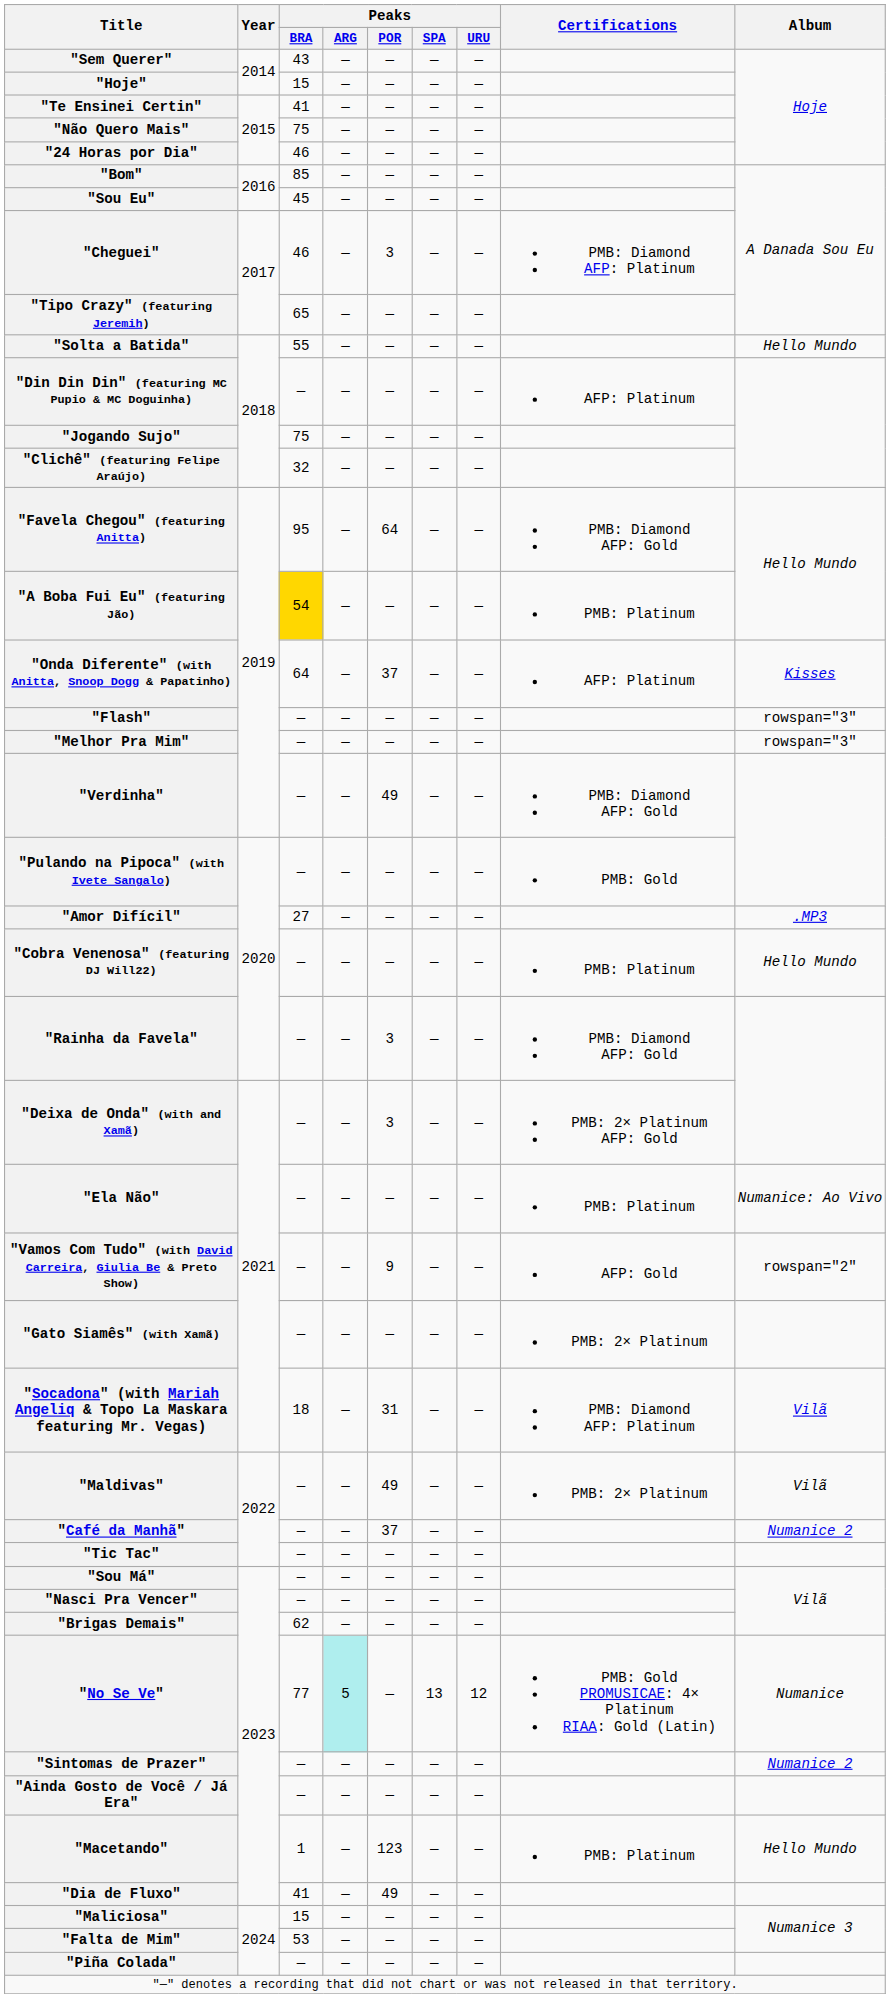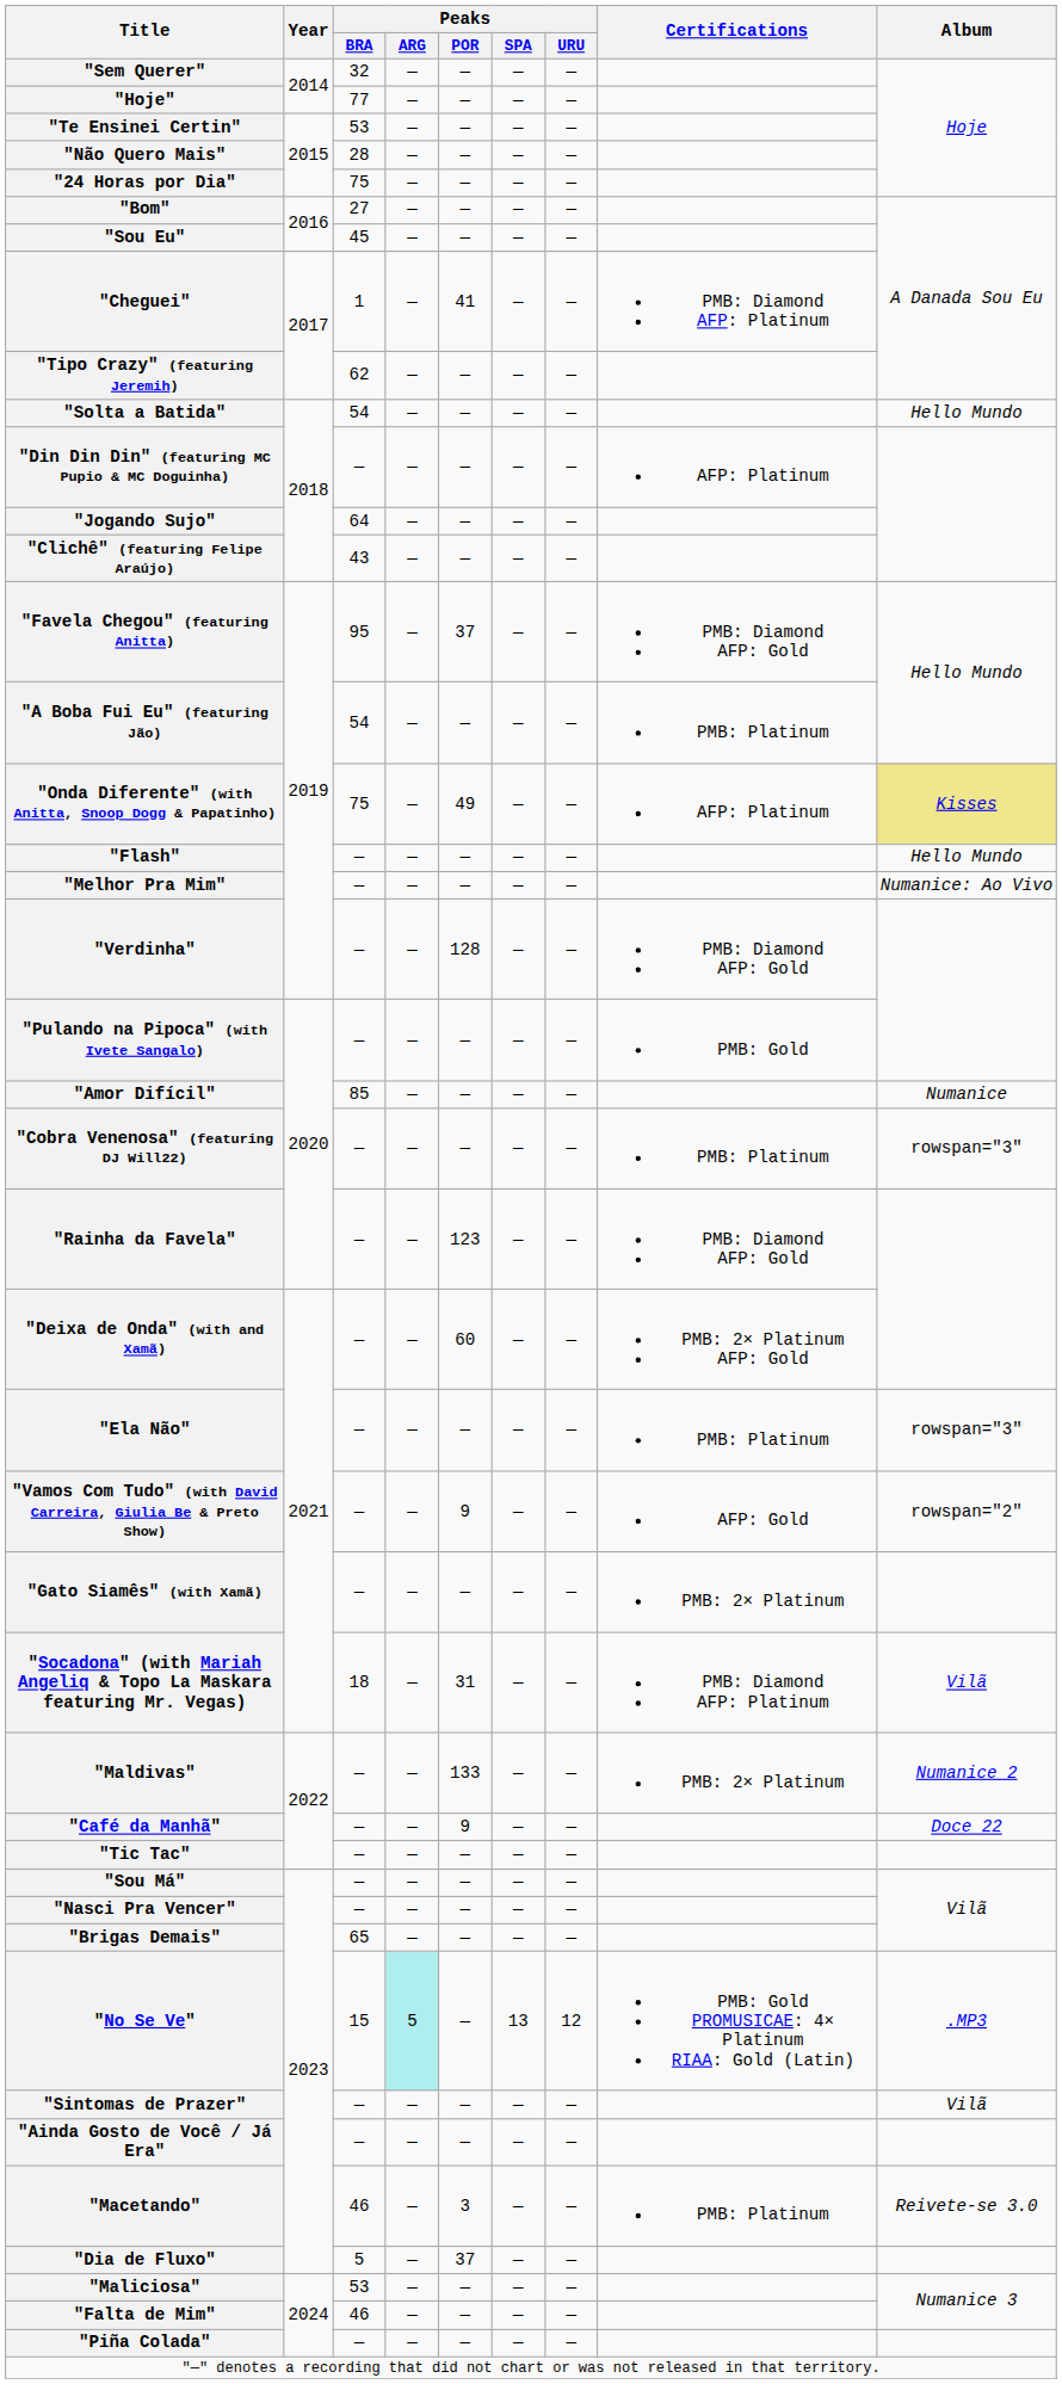 <table class="wikitable plainrowheaders" style="text-align:center;">
 <tr>
 <th scope="col" rowspan="2" style="width:16em;">Title</th>
 <th scope="col" rowspan="2">Year</th>
 <th scope="col" colspan="5">Peaks</th>
 <th scope="col" rowspan="2" style="width:16em;"><a href='#'>Certifications</a></th>
 <th scope="col" rowspan="2">Album</th>
 </tr>
 <tr>
 <th scope="col" style="width:3em;font-size:90%;"><a href='#'>BRA</a><br></th>
 <th scope="col" style="width:3em;font-size:90%;"><a href='#'>ARG</a><br></th>
 <th scope="col" style="width:3em;font-size:90%;"><a href='#'>POR</a><br></th>
 <th scope="col" style="width:3em;font-size:90%;"><a href='#'>SPA</a><br></th>
 <th scope="col" style="width:3em;font-size:90%;"><a href='#'>URU</a><br></th>
 </tr>
 <tr>
 <th scope="row">"Sem Querer"</th>
 <td rowspan="2">2014</td>
-<td>43</td>
+<td>32</td>
 <td>—</td>
 <td>—</td>
 <td>—</td>
 <td>—</td>
 <td></td>
 <td align="center" rowspan="5"><em><a href='#'>Hoje</a></em></td>
 </tr>
 <tr>
 <th scope="row">"Hoje"</th>
-<td>15</td>
+<td>77</td>
 <td>—</td>
 <td>—</td>
 <td>—</td>
 <td>—</td>
 <td></td>
 </tr>
 <tr>
 <th scope="row">"Te Ensinei Certin"</th>
 <td rowspan="3">2015</td>
-<td>41</td>
+<td>53</td>
 <td>—</td>
 <td>—</td>
 <td>—</td>
 <td>—</td>
 <td></td>
 </tr>
 <tr>
 <th scope="row">"Não Quero Mais"</th>
-<td>75</td>
+<td>28</td>
 <td>—</td>
 <td>—</td>
 <td>—</td>
 <td>—</td>
 <td></td>
 </tr>
 <tr>
 <th scope="row">"24 Horas por Dia"</th>
-<td>46</td>
+<td>75</td>
 <td>—</td>
 <td>—</td>
 <td>—</td>
 <td>—</td>
 <td></td>
 </tr>
 <tr>
 <th scope="row">"Bom"</th>
 <td rowspan="2">2016</td>
-<td>85</td>
+<td>27</td>
 <td>—</td>
 <td>—</td>
 <td>—</td>
 <td>—</td>
 <td></td>
 <td align="center" rowspan="4"><em>A Danada Sou Eu</em></td>
 </tr>
 <tr>
 <th scope="row">"Sou Eu"</th>
 <td>45</td>
 <td>—</td>
 <td>—</td>
 <td>—</td>
 <td>—</td>
 <td></td>
 </tr>
 <tr>
 <th scope="row">"Cheguei"</th>
 <td rowspan="2">2017</td>
-<td>46</td>
+<td>1</td>
 <td>—</td>
-<td>3</td>
+<td>41</td>
 <td>—</td>
 <td>—</td>
 <td><br><ul><li>PMB: Diamond</li><li><a href='#'>AFP</a>: Platinum</li></ul></td>
 </tr>
 <tr>
 <th scope="row">"Tipo Crazy" <small>(featuring <a href='#'>Jeremih</a>)</small></th>
-<td>65</td>
+<td>62</td>
 <td>—</td>
 <td>—</td>
 <td>—</td>
 <td>—</td>
 <td></td>
 </tr>
 <tr>
 <th scope="row">"Solta a Batida"</th>
 <td rowspan="4">2018</td>
-<td>55</td>
+<td>54</td>
 <td>—</td>
 <td>—</td>
 <td>—</td>
 <td>—</td>
 <td></td>
 <td align="center"><em>Hello Mundo</em></td>
 </tr>
 <tr>
 <th scope="row">"Din Din Din" <small>(featuring MC Pupio & MC Doguinha)</small></th>
 <td>—</td>
 <td>—</td>
 <td>—</td>
 <td>—</td>
 <td>—</td>
 <td><br><ul><li>AFP: Platinum</li></ul></td>
 </tr>
 <tr>
 <th scope="row">"Jogando Sujo"</th>
-<td>75</td>
+<td>64</td>
 <td>—</td>
 <td>—</td>
 <td>—</td>
 <td>—</td>
 <td></td>
 </tr>
 <tr>
 <th scope="row">"Clichê" <small>(featuring Felipe Araújo)</small></th>
-<td>32</td>
+<td>43</td>
 <td>—</td>
 <td>—</td>
 <td>—</td>
 <td>—</td>
 <td></td>
 </tr>
 <tr>
 <th scope="row">"Favela Chegou" <small>(featuring <a href='#'>Anitta</a>)</small></th>
 <td rowspan="6">2019</td>
 <td>95</td>
 <td>—</td>
-<td>64</td>
+<td>37</td>
 <td>—</td>
 <td>—</td>
 <td><br><ul><li>PMB: Diamond</li><li>AFP: Gold</li></ul></td>
 <td align="center" rowspan="2"><em>Hello Mundo</em></td>
 </tr>
 <tr>
 <th scope="row">"A Boba Fui Eu" <small>(featuring Jão)</small></th>
-<td style="background: gold;">54</td>
+<td>54</td>
 <td>—</td>
 <td>—</td>
 <td>—</td>
 <td>—</td>
 <td><br><ul><li>PMB: Platinum</li></ul></td>
 </tr>
 <tr>
 <th scope="row">"Onda Diferente" <small>(with <a href='#'>Anitta</a>, <a href='#'>Snoop Dogg</a> & Papatinho)</small></th>
-<td>64</td>
+<td>75</td>
 <td>—</td>
-<td>37</td>
+<td>49</td>
 <td>—</td>
 <td>—</td>
 <td><br><ul><li>AFP: Platinum</li></ul></td>
-<td align="center"><em><a href='#'>Kisses</a></em></td>
+<td align="center" style="background: khaki;"><em><a href='#'>Kisses</a></em></td>
 </tr>
 <tr>
 <th scope="row">"Flash"</th>
 <td>—</td>
 <td>—</td>
 <td>—</td>
 <td>—</td>
 <td>—</td>
 <td></td>
-<td>rowspan="3" </td>
+<td align="center"><em>Hello Mundo</em></td>
 </tr>
 <tr>
 <th scope="row">"Melhor Pra Mim"</th>
 <td>—</td>
 <td>—</td>
 <td>—</td>
 <td>—</td>
 <td>—</td>
 <td></td>
-<td>rowspan="3" </td>
+<td align="center"><em>Numanice: Ao Vivo</em></td>
 </tr>
 <tr>
 <th scope="row">"Verdinha"</th>
 <td>—</td>
 <td>—</td>
-<td>49</td>
+<td>128</td>
 <td>—</td>
 <td>—</td>
 <td><br><ul><li>PMB: Diamond</li><li>AFP: Gold</li></ul></td>
 </tr>
 <tr>
 <th scope="row">"Pulando na Pipoca" <small>(with <a href='#'>Ivete Sangalo</a>)</small></th>
 <td rowspan="4">2020</td>
 <td>—</td>
 <td>—</td>
 <td>—</td>
 <td>—</td>
 <td>—</td>
 <td><br><ul><li>PMB: Gold</li></ul></td>
 </tr>
 <tr>
 <th scope="row">"Amor Difícil"</th>
-<td>27</td>
+<td>85</td>
 <td>—</td>
 <td>—</td>
 <td>—</td>
 <td>—</td>
 <td></td>
-<td><em><a href='#'>.MP3</a></em></td>
+<td align="center"><em>Numanice</em></td>
 </tr>
 <tr>
 <th scope="row">"Cobra Venenosa" <small>(featuring DJ Will22)</small></th>
 <td>—</td>
 <td>—</td>
 <td>—</td>
 <td>—</td>
 <td>—</td>
 <td><br><ul><li>PMB: Platinum</li></ul></td>
-<td align="center"><em>Hello Mundo</em></td>
+<td>rowspan="3" </td>
 </tr>
 <tr>
 <th scope="row">"Rainha da Favela"</th>
 <td>—</td>
 <td>—</td>
-<td>3</td>
+<td>123</td>
 <td>—</td>
 <td>—</td>
 <td><br><ul><li>PMB: Diamond</li><li>AFP: Gold</li></ul></td>
 </tr>
 <tr>
 <th scope="row">"Deixa de Onda" <small>(with  and <a href='#'>Xamã</a>)</small></th>
 <td rowspan="5">2021</td>
 <td>—</td>
 <td>—</td>
-<td>3</td>
+<td>60</td>
 <td>—</td>
 <td>—</td>
 <td><br><ul><li>PMB: 2× Platinum</li><li>AFP: Gold</li></ul></td>
 </tr>
 <tr>
 <th scope="row">"Ela Não"</th>
 <td>—</td>
 <td>—</td>
 <td>—</td>
 <td>—</td>
 <td>—</td>
 <td><br><ul><li>PMB: Platinum</li></ul></td>
-<td align="center"><em>Numanice: Ao Vivo</em></td>
+<td>rowspan="3" </td>
 </tr>
 <tr>
 <th scope="row">"Vamos Com Tudo" <small>(with <a href='#'>David Carreira</a>, <a href='#'>Giulia Be</a> & Preto Show)</small></th>
 <td>—</td>
 <td>—</td>
 <td>9</td>
 <td>—</td>
 <td>—</td>
 <td><br><ul><li>AFP: Gold</li></ul></td>
 <td>rowspan="2" </td>
 </tr>
 <tr>
 <th scope="row">"Gato Siamês" <small>(with Xamã)</small></th>
 <td>—</td>
 <td>—</td>
 <td>—</td>
 <td>—</td>
 <td>—</td>
 <td><br><ul><li>PMB: 2× Platinum</li></ul></td>
 </tr>
 <tr>
 <th scope="row">"<a href='#'>Socadona</a>" <span>(with <a href='#'>Mariah Angeliq</a> & Topo La Maskara featuring Mr. Vegas)</span></th>
 <td>18</td>
 <td>—</td>
 <td>31</td>
 <td>—</td>
 <td>—</td>
 <td><br><ul><li>PMB: Diamond</li><li>AFP: Platinum</li></ul></td>
 <td><em><a href='#'>Vilã</a></em></td>
 </tr>
 <tr>
 <th scope="row">"Maldivas"</th>
 <td rowspan="3">2022</td>
 <td>—</td>
 <td>—</td>
-<td>49</td>
+<td>133</td>
 <td>—</td>
 <td>—</td>
 <td><br><ul><li>PMB: 2× Platinum</li></ul></td>
-<td><em>Vilã</em></td>
+<td align="center"><em><a href='#'>Numanice 2</a></em></td>
 </tr>
 <tr>
 <th scope="row">"<a href='#'>Café da Manhã</a>" </th>
 <td>—</td>
 <td>—</td>
-<td>37</td>
+<td>9</td>
 <td>—</td>
 <td>—</td>
 <td></td>
-<td align="center"><em><a href='#'>Numanice 2</a></em></td>
+<td align="center"><em><a href='#'>Doce 22</a></em></td>
 </tr>
 <tr>
 <th scope="row">"Tic Tac" </th>
 <td>—</td>
 <td>—</td>
 <td>—</td>
 <td>—</td>
 <td>—</td>
 <td></td>
 <td></td>
 </tr>
 <tr>
 <th scope="row">"Sou Má" </th>
 <td rowspan="8">2023</td>
 <td>—</td>
 <td>—</td>
 <td>—</td>
 <td>—</td>
 <td>—</td>
 <td></td>
 <td align="center" rowspan="3"><em>Vilã</em></td>
 </tr>
 <tr>
 <th scope="row">"Nasci Pra Vencer" </th>
 <td>—</td>
 <td>—</td>
 <td>—</td>
 <td>—</td>
 <td>—</td>
 <td></td>
 </tr>
 <tr>
 <th scope="row">"Brigas Demais" </th>
-<td>62</td>
+<td>65</td>
 <td>—</td>
 <td>—</td>
 <td>—</td>
 <td>—</td>
 <td></td>
 </tr>
 <tr>
 <th scope="row">"<a href='#'>No Se Ve</a>" </th>
-<td>77</td>
+<td>15</td>
 <td style="background: paleturquoise;">5</td>
 <td>—</td>
 <td>13</td>
 <td>12</td>
 <td><br><ul><li>PMB: Gold</li><li><a href='#'>PROMUSICAE</a>: 4× Platinum</li><li><a href='#'>RIAA</a>: Gold (Latin)</li></ul></td>
-<td align="center"><em>Numanice</em></td>
+<td><em><a href='#'>.MP3</a></em></td>
 </tr>
 <tr>
 <th scope="row">"Sintomas de Prazer"</th>
 <td>—</td>
 <td>—</td>
 <td>—</td>
 <td>—</td>
 <td>—</td>
 <td></td>
-<td align="center"><em><a href='#'>Numanice 2</a></em></td>
+<td><em>Vilã</em></td>
 </tr>
 <tr>
 <th scope="row">"Ainda Gosto de Você / Já Era" </th>
 <td>—</td>
 <td>—</td>
 <td>—</td>
 <td>—</td>
 <td>—</td>
 <td></td>
 <td></td>
 </tr>
 <tr>
 <th scope="row">"Macetando" </th>
-<td>1</td>
+<td>46</td>
 <td>—</td>
-<td>123</td>
+<td>3</td>
 <td>—</td>
 <td>—</td>
 <td><br><ul><li>PMB: Platinum</li></ul></td>
-<td align="center"><em>Hello Mundo</em></td>
+<td><em>Reivete-se 3.0</em></td>
 </tr>
 <tr>
 <th scope="row">"Dia de Fluxo" </th>
-<td>41</td>
+<td>5</td>
 <td>—</td>
-<td>49</td>
+<td>37</td>
 <td>—</td>
 <td>—</td>
 <td></td>
 <td></td>
 </tr>
 <tr>
 <th scope="row">"Maliciosa"</th>
 <td rowspan="3">2024</td>
-<td>15</td>
+<td>53</td>
 <td>—</td>
 <td>—</td>
 <td>—</td>
 <td>—</td>
 <td></td>
 <td align="center" rowspan="2"><em>Numanice 3</em></td>
 </tr>
 <tr>
 <th scope="row">"Falta de Mim" </th>
-<td>53</td>
+<td>46</td>
 <td>—</td>
 <td>—</td>
 <td>—</td>
 <td>—</td>
 <td></td>
 </tr>
 <tr>
 <th scope="row">"Piña Colada" </th>
 <td>—</td>
 <td>—</td>
 <td>—</td>
 <td>—</td>
 <td>—</td>
 <td></td>
 <td></td>
 </tr>
 <tr>
 <td colspan="11" style="text-align:center; font-size:85%;">"—" denotes a recording that did not chart or was not released in that territory.</td>
 </tr>
 </table>
